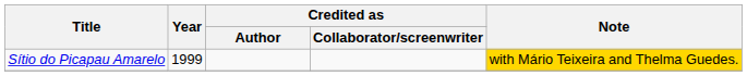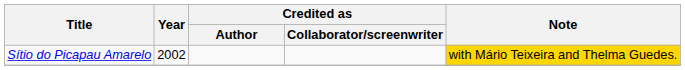 <table class="wikitable">
 <tr>
 <th rowspan="2">Title</th>
 <th rowspan="2">Year</th>
 <th colspan="2">Credited as</th>
 <th rowspan="2">Note</th>
 </tr>
 <tr>
 <th scope="col" style="width:7em">Author</th>
 <th scope="col" style="width:7em">Collaborator/screenwriter</th>
 </tr>
 <tr>
 <td><em><a href='#'>Sítio do Picapau Amarelo</a></em></td>
-<td>1999</td>
+<td>2002</td>
 <td></td>
 <td></td>
 <td style="background: gold;">with Mário Teixeira and Thelma Guedes.</td>
 </tr>
 <tr>
 </tr>
 </table>
